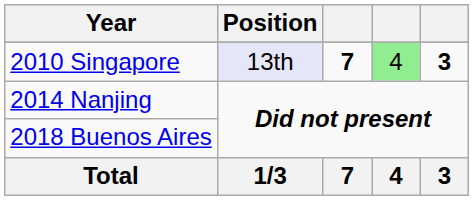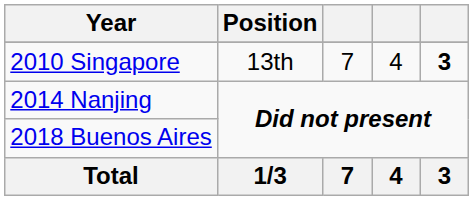 <table class="wikitable" style="text-align: center;">
 <tr>
 <th>Year</th>
 <th>Position</th>
 <th width=25px></th>
 <th width=25px></th>
 <th width=25px></th>
 </tr>
 <tr bgcolor="#FFD700">
 </tr>
 <tr>
 <td style="text-align: left;"> <a href='#'>2010 Singapore</a></td>
-<td style="background: lavender;">13th</td>
-<td><strong>7</strong></td>
-<td style="background: lightgreen;">4</td>
+<td>13th</td>
+<td>7</td>
+<td>4</td>
 <td><strong>3</strong></td>
 </tr>
 <tr>
 <td style="text-align: left;"> <a href='#'>2014 Nanjing</a></td>
 <td rowspan="2" colspan="4" style="text-align:center;"><strong><em>Did not present</em></strong></td>
 </tr>
 <tr>
 <td style="text-align: left;"> <a href='#'>2018 Buenos Aires</a></td>
 </tr>
 <tr>
 <th>Total</th>
 <th>1/3</th>
 <th>7</th>
 <th>4</th>
 <th>3</th>
 </tr>
 </table>
